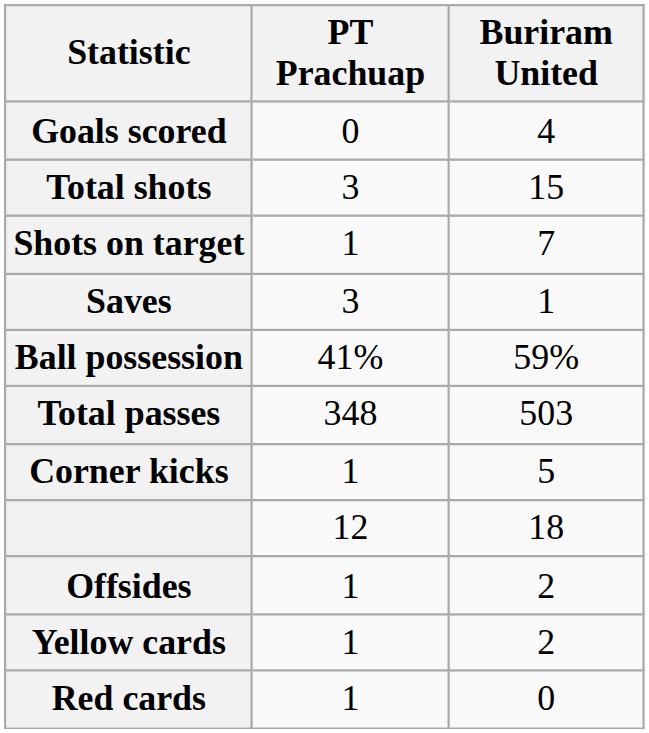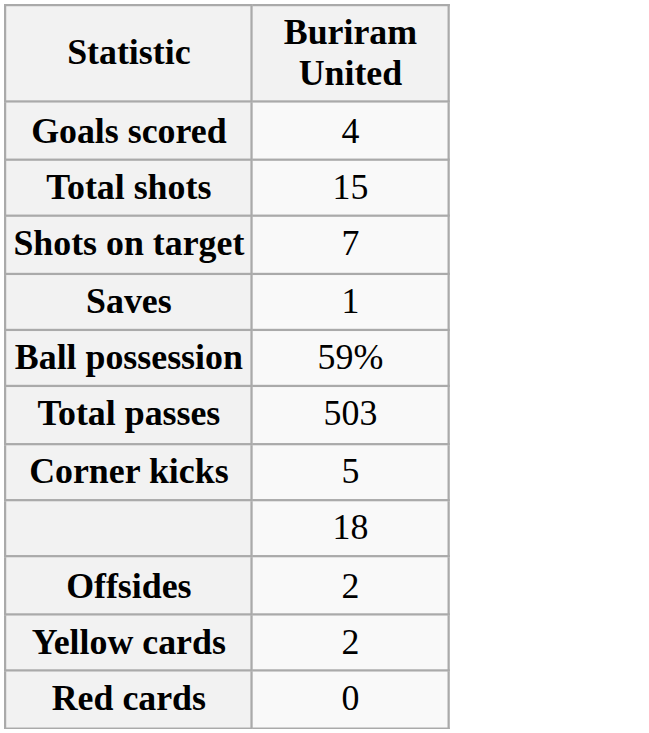 <table class="wikitable plainrowheaders" style="text-align:center">
 <tr>
 <th scope="col">Statistic</th>
-<th scope="col" style="width:80px">PT Prachuap</th>
 <th scope="col" style="width:80px">Buriram United</th>
 </tr>
 <tr>
 <th scope=row>Goals scored</th>
-<td>0</td>
 <td>4</td>
 </tr>
 <tr>
 <th scope=row>Total shots</th>
-<td>3</td>
 <td>15</td>
 </tr>
 <tr>
 <th scope=row>Shots on target</th>
-<td>1</td>
 <td>7</td>
 </tr>
 <tr>
 <th scope=row>Saves</th>
-<td>3</td>
 <td>1</td>
 </tr>
 <tr>
 <th scope=row>Ball possession</th>
-<td>41%</td>
 <td>59%</td>
 </tr>
 <tr>
 <th scope=row>Total passes</th>
-<td>348</td>
 <td>503</td>
 </tr>
 <tr>
 <th scope=row>Corner kicks</th>
-<td>1</td>
 <td>5</td>
 </tr>
 <tr>
 <th scope=row></th>
-<td>12</td>
 <td>18</td>
 </tr>
 <tr>
 <th scope=row>Offsides</th>
-<td>1</td>
 <td>2</td>
 </tr>
 <tr>
 <th scope=row>Yellow cards</th>
-<td>1</td>
 <td>2</td>
 </tr>
 <tr>
 <th scope=row>Red cards</th>
-<td>1</td>
 <td>0</td>
 </tr>
 </table>
